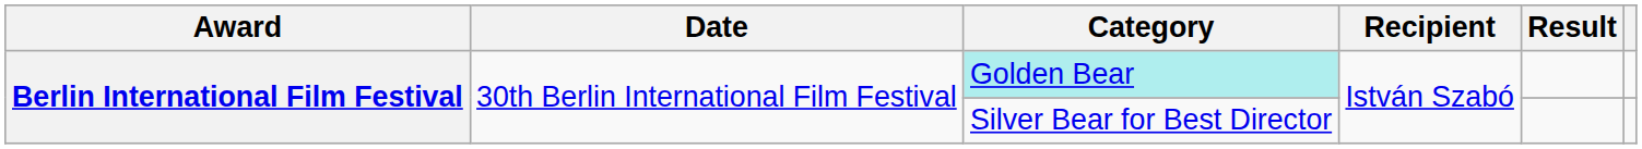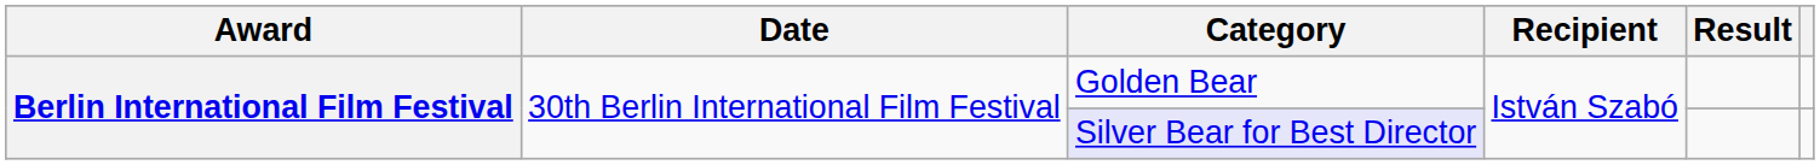 <table class="wikitable sortable plainrowheaders">
 <tr>
 <th>Award</th>
 <th>Date</th>
 <th>Category</th>
 <th>Recipient</th>
 <th>Result</th>
 <th></th>
 </tr>
 <tr>
 <th scope="row" rowspan=2><a href='#'>Berlin International Film Festival</a></th>
 <td rowspan=2><a href='#'>30th Berlin International Film Festival</a></td>
-<td style="background: paleturquoise;"><a href='#'>Golden Bear</a></td>
+<td><a href='#'>Golden Bear</a></td>
 <td rowspan=2><a href='#'>István Szabó</a></td>
 <td></td>
 <td align="center" rowspan="1"></td>
 </tr>
 <tr>
-<td><a href='#'>Silver Bear for Best Director</a></td>
+<td style="background: lavender;"><a href='#'>Silver Bear for Best Director</a></td>
 <td></td>
 <td align="center" rowspan="1"></td>
 </tr>
 </table>
